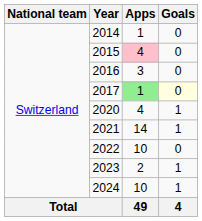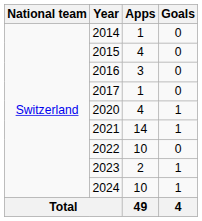 <table class="wikitable" style="text-align:center">
 <tr>
 <th>National team</th>
 <th>Year</th>
 <th>Apps</th>
 <th>Goals</th>
 </tr>
 <tr>
 <td rowspan="9"><a href='#'>Switzerland</a></td>
 <td>2014</td>
 <td>1</td>
 <td>0</td>
 </tr>
 <tr>
 <td>2015</td>
-<td style="background: pink;">4</td>
+<td>4</td>
 <td>0</td>
 </tr>
 <tr>
 <td>2016</td>
 <td>3</td>
 <td>0</td>
 </tr>
 <tr>
 <td>2017</td>
-<td style="background: lightgreen;">1</td>
-<td style="background: lightyellow;">0</td>
+<td>1</td>
+<td>0</td>
 </tr>
 <tr>
 <td>2020</td>
 <td>4</td>
 <td>1</td>
 </tr>
 <tr>
 <td>2021</td>
 <td>14</td>
 <td>1</td>
 </tr>
 <tr>
 <td>2022</td>
 <td>10</td>
 <td>0</td>
 </tr>
 <tr>
 <td>2023</td>
 <td>2</td>
 <td>1</td>
 </tr>
 <tr>
 <td>2024</td>
 <td>10</td>
 <td>1</td>
 </tr>
 <tr>
 <th colspan="2">Total</th>
 <th>49</th>
 <th>4</th>
 </tr>
 </table>
